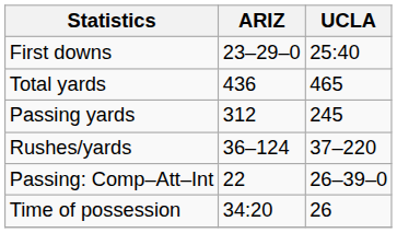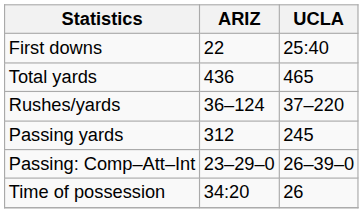 <table class="wikitable" style="float: left;">
 <tr>
 <th>Statistics</th>
 <th>ARIZ</th>
 <th>UCLA</th>
 </tr>
 <tr>
 <td>First downs</td>
-<td>23–29–0</td>
+<td>22</td>
 <td>25:40</td>
 </tr>
 <tr>
 <td>Total yards</td>
 <td>436</td>
 <td>465</td>
 </tr>
 <tr>
+<td>Rushes/yards</td>
+<td>36–124</td>
+<td>37–220</td>
+</tr>
+<tr>
 <td>Passing yards</td>
 <td>312</td>
 <td>245</td>
 </tr>
 <tr>
-<td>Rushes/yards</td>
-<td>36–124</td>
-<td>37–220</td>
-</tr>
-<tr>
 <td>Passing: Comp–Att–Int</td>
-<td>22</td>
+<td>23–29–0</td>
 <td>26–39–0</td>
 </tr>
 <tr>
 <td>Time of possession</td>
 <td>34:20</td>
 <td>26</td>
 </tr>
 <tr>
 </tr>
 </table>
